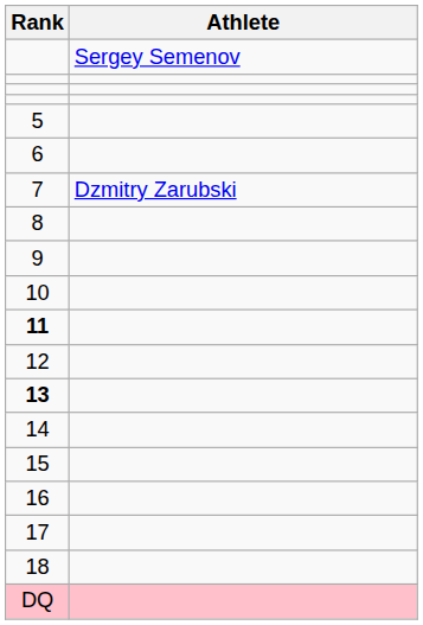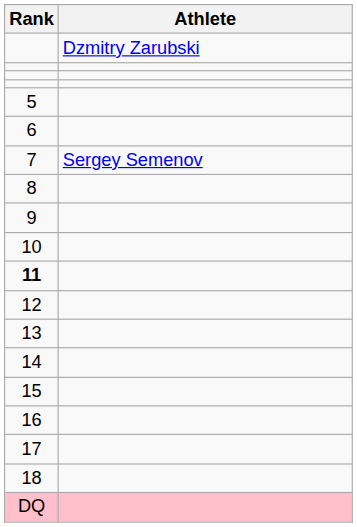 <table class="wikitable" style="text-align: center;">
 <tr>
 <th width=40>Rank</th>
 <th width=250>Athlete</th>
 </tr>
 <tr>
 <td></td>
-<td align="left"> <a href='#'>Sergey Semenov</a> </td>
+<td align="left"> <a href='#'>Dzmitry Zarubski</a> </td>
 </tr>
 <tr>
 <td></td>
 <td align="left"></td>
 </tr>
 <tr>
 <td></td>
 <td align="left"></td>
 </tr>
 <tr>
 <td></td>
 <td align="left"></td>
 </tr>
 <tr>
 <td>5</td>
 <td align="left"></td>
 </tr>
 <tr>
 <td>6</td>
 <td align="left"></td>
 </tr>
 <tr>
 <td>7</td>
-<td align="left"> <a href='#'>Dzmitry Zarubski</a> </td>
+<td align="left"> <a href='#'>Sergey Semenov</a> </td>
 </tr>
 <tr>
 <td>8</td>
 <td align="left"></td>
 </tr>
 <tr>
 <td>9</td>
 <td align="left"></td>
 </tr>
 <tr>
 <td>10</td>
 <td align="left"></td>
 </tr>
 <tr>
 <td><strong>11</strong></td>
 <td align="left"></td>
 </tr>
 <tr>
 <td>12</td>
 <td align="left"></td>
 </tr>
 <tr>
-<td><strong>13</strong></td>
+<td>13</td>
 <td align="left"></td>
 </tr>
 <tr>
 <td>14</td>
 <td align="left"></td>
 </tr>
 <tr>
 <td>15</td>
 <td align="left"></td>
 </tr>
 <tr>
 <td>16</td>
 <td align="left"></td>
 </tr>
 <tr>
 <td>17</td>
 <td align="left"></td>
 </tr>
 <tr>
 <td>18</td>
 <td align="left"></td>
 </tr>
 <tr bgcolor=pink>
 <td>DQ</td>
 <td align="left"></td>
 </tr>
 </table>
